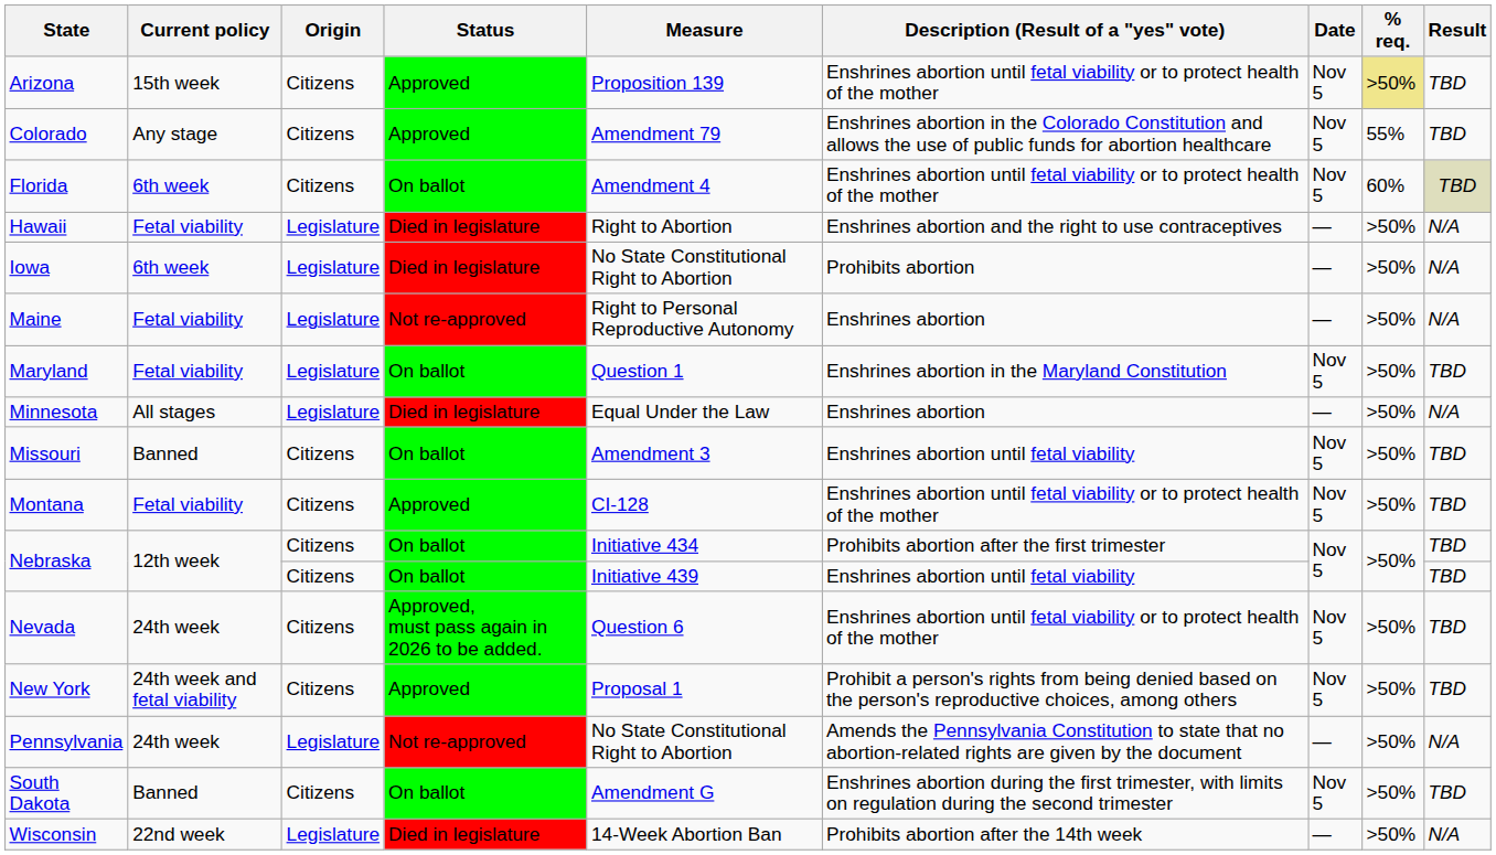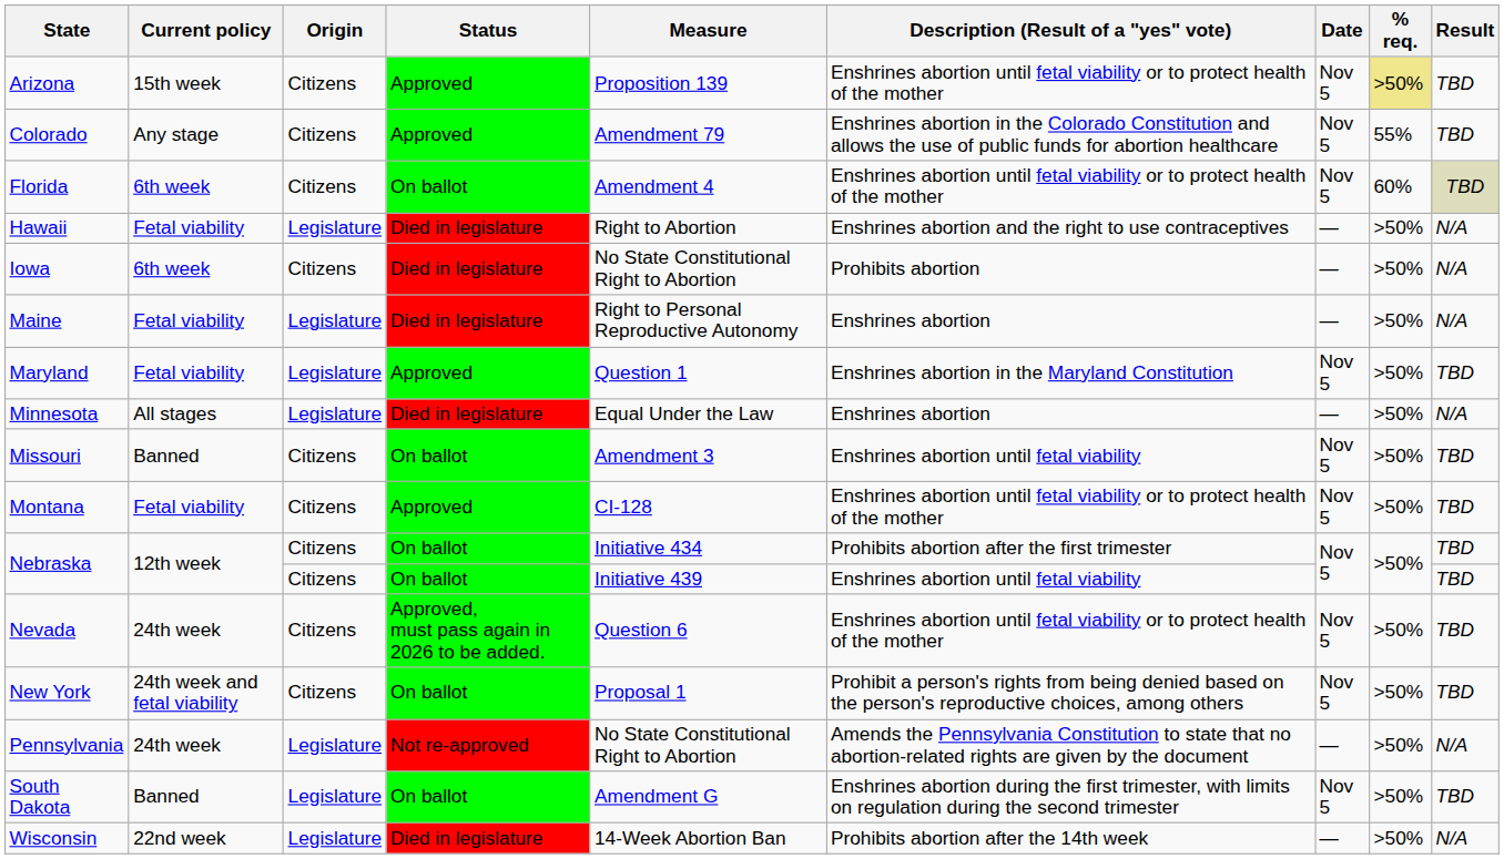 <table class="wikitable">
 <tr>
 <th>State</th>
 <th>Current policy</th>
 <th>Origin</th>
 <th>Status</th>
 <th>Measure</th>
 <th>Description (Result of a "yes" vote)</th>
 <th>Date</th>
 <th>% req.</th>
 <th>Result</th>
 </tr>
 <tr>
 <td><a href='#'>Arizona</a></td>
 <td>15th week</td>
 <td>Citizens</td>
 <td style="background-color:#00FF00;">Approved<br></td>
 <td><a href='#'>Proposition 139</a></td>
 <td>Enshrines abortion until <a href='#'>fetal viability</a> or to protect health of the mother</td>
 <td>Nov 5</td>
 <td style="background: khaki;">>50%</td>
 <td><em>TBD</em></td>
 </tr>
 <tr>
 <td><a href='#'>Colorado</a></td>
 <td>Any stage</td>
 <td>Citizens</td>
 <td style="background-color:#00FF00;">Approved</td>
 <td><a href='#'>Amendment 79</a></td>
 <td>Enshrines abortion in the <a href='#'>Colorado Constitution</a> and allows the use of public funds for abortion healthcare</td>
 <td>Nov 5</td>
 <td>55%</td>
 <td><em>TBD</em></td>
 </tr>
 <tr>
 <td><a href='#'>Florida</a></td>
 <td><a href='#'>6th week</a></td>
 <td>Citizens</td>
 <td style="background-color:#00FF00;">On ballot</td>
 <td><a href='#'>Amendment 4</a></td>
 <td>Enshrines abortion until <a href='#'>fetal viability</a> or to protect health of the mother</td>
 <td>Nov 5</td>
 <td>60%</td>
 <td style="text-align:center; background-color:#DEDEBD"><em>TBD</em></td>
 </tr>
 <tr>
 <td><a href='#'>Hawaii</a></td>
 <td><a href='#'>Fetal viability</a></td>
 <td><a href='#'>Legislature</a></td>
 <td style="background-color:#FF0000;">Died in legislature</td>
 <td>Right to Abortion</td>
 <td>Enshrines abortion and the right to use contraceptives</td>
 <td>—</td>
 <td>>50%</td>
 <td><em>N/A</em></td>
 </tr>
 <tr>
 <td><a href='#'>Iowa</a></td>
 <td><a href='#'>6th week</a></td>
-<td><a href='#'>Legislature</a></td>
+<td>Citizens</td>
 <td style="background-color:#FF0000;">Died in legislature</td>
 <td>No State Constitutional Right to Abortion</td>
 <td>Prohibits abortion</td>
 <td>—</td>
 <td>>50%</td>
 <td><em>N/A</em></td>
 </tr>
 <tr>
 <td><a href='#'>Maine</a></td>
 <td><a href='#'>Fetal viability</a></td>
 <td><a href='#'>Legislature</a></td>
-<td style="background-color:#FF0000;">Not re-approved</td>
+<td style="background-color:#FF0000;">Died in legislature</td>
 <td>Right to Personal Reproductive Autonomy</td>
 <td>Enshrines abortion</td>
 <td>—</td>
 <td>>50%</td>
 <td><em>N/A</em></td>
 </tr>
 <tr>
 <td><a href='#'>Maryland</a></td>
 <td><a href='#'>Fetal viability</a></td>
 <td><a href='#'>Legislature</a></td>
-<td style="background-color:#00FF00;">On ballot</td>
+<td style="background-color:#00FF00;">Approved<br></td>
 <td><a href='#'>Question 1</a></td>
 <td>Enshrines abortion in the <a href='#'>Maryland Constitution</a></td>
 <td>Nov 5</td>
 <td>>50%</td>
 <td><em>TBD</em></td>
 </tr>
 <tr>
 <td><a href='#'>Minnesota</a></td>
 <td>All stages</td>
 <td><a href='#'>Legislature</a></td>
 <td style="background-color:#FF0000;">Died in legislature</td>
 <td>Equal Under the Law</td>
 <td>Enshrines abortion</td>
 <td>—</td>
 <td>>50%</td>
 <td><em>N/A</em></td>
 </tr>
 <tr>
 <td><a href='#'>Missouri</a></td>
 <td>Banned</td>
 <td>Citizens</td>
 <td style="background-color:#00FF00;">On ballot</td>
 <td><a href='#'>Amendment 3</a></td>
 <td>Enshrines abortion until <a href='#'>fetal viability</a></td>
 <td>Nov 5</td>
 <td>>50%</td>
 <td><em>TBD</em></td>
 </tr>
 <tr>
 <td><a href='#'>Montana</a></td>
 <td><a href='#'>Fetal viability</a></td>
 <td>Citizens</td>
 <td style="background-color:#00FF00;">Approved<br></td>
 <td><a href='#'>CI-128</a></td>
 <td>Enshrines abortion until <a href='#'>fetal viability</a> or to protect health of the mother</td>
 <td>Nov 5</td>
 <td>>50%</td>
 <td><em>TBD</em></td>
 </tr>
 <tr>
 <td rowspan=2><a href='#'>Nebraska</a></td>
 <td rowspan=2>12th week</td>
 <td>Citizens</td>
 <td style="background-color:#00FF00;">On ballot</td>
 <td><a href='#'>Initiative 434</a></td>
 <td>Prohibits abortion after the first trimester</td>
 <td rowspan=2>Nov 5</td>
 <td rowspan=2>>50%</td>
 <td><em>TBD</em></td>
 </tr>
 <tr>
 <td>Citizens</td>
 <td style="background-color:#00FF00;">On ballot</td>
 <td><a href='#'>Initiative 439</a></td>
 <td>Enshrines abortion until <a href='#'>fetal viability</a></td>
 <td><em>TBD</em></td>
 </tr>
 <tr>
 <td><a href='#'>Nevada</a></td>
 <td>24th week</td>
 <td>Citizens</td>
 <td style="background-color:#00FF00;">Approved,<br>must pass again in 2026 to be added.</td>
 <td><a href='#'>Question 6</a></td>
 <td>Enshrines abortion until <a href='#'>fetal viability</a> or to protect health of the mother</td>
 <td>Nov 5</td>
 <td>>50%</td>
 <td><em>TBD</em></td>
 </tr>
 <tr>
 <td><a href='#'>New York</a></td>
 <td>24th week and <a href='#'>fetal viability</a></td>
 <td>Citizens</td>
-<td style="background-color:#00FF00;">Approved<br></td>
+<td style="background-color:#00FF00;">On ballot</td>
 <td><a href='#'>Proposal 1</a></td>
 <td>Prohibit a person's rights from being denied based on the person's reproductive choices, among others</td>
 <td>Nov 5</td>
 <td>>50%</td>
 <td><em>TBD</em></td>
 </tr>
 <tr>
 <td><a href='#'>Pennsylvania</a></td>
 <td>24th week</td>
 <td><a href='#'>Legislature</a></td>
 <td style="background-color:#FF0000;">Not re-approved</td>
 <td>No State Constitutional Right to Abortion</td>
 <td>Amends the <a href='#'>Pennsylvania Constitution</a> to state that no abortion-related rights are given by the document</td>
 <td>—</td>
 <td>>50%</td>
 <td><em>N/A</em></td>
 </tr>
 <tr>
 <td><a href='#'>South Dakota</a></td>
 <td>Banned</td>
-<td>Citizens</td>
+<td><a href='#'>Legislature</a></td>
 <td style="background-color:#00FF00;">On ballot</td>
 <td><a href='#'>Amendment G</a></td>
 <td>Enshrines abortion during the first trimester, with limits on regulation during the second trimester</td>
 <td>Nov 5</td>
 <td>>50%</td>
 <td><em>TBD</em></td>
 </tr>
 <tr>
 <td><a href='#'>Wisconsin</a></td>
 <td>22nd week</td>
 <td><a href='#'>Legislature</a></td>
 <td style="background-color:#FF0000;">Died in legislature</td>
 <td>14-Week Abortion Ban</td>
 <td>Prohibits abortion after the 14th week</td>
 <td>—</td>
 <td>>50%</td>
 <td><em>N/A</em></td>
 </tr>
 </table>
